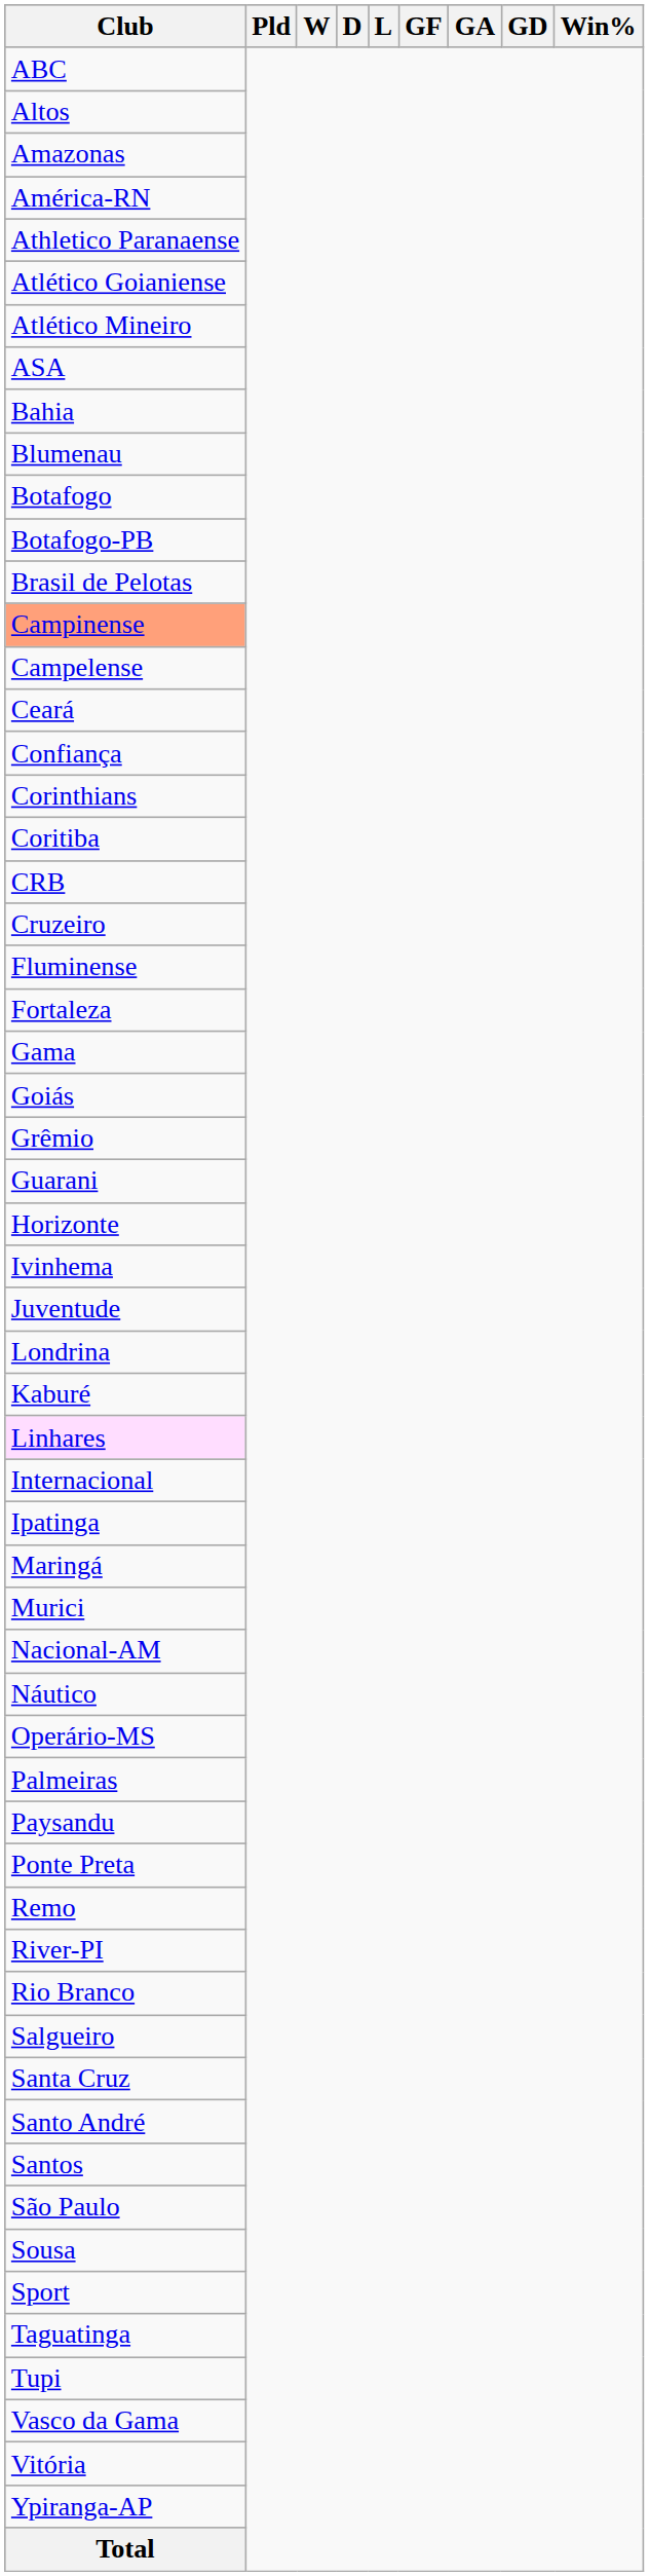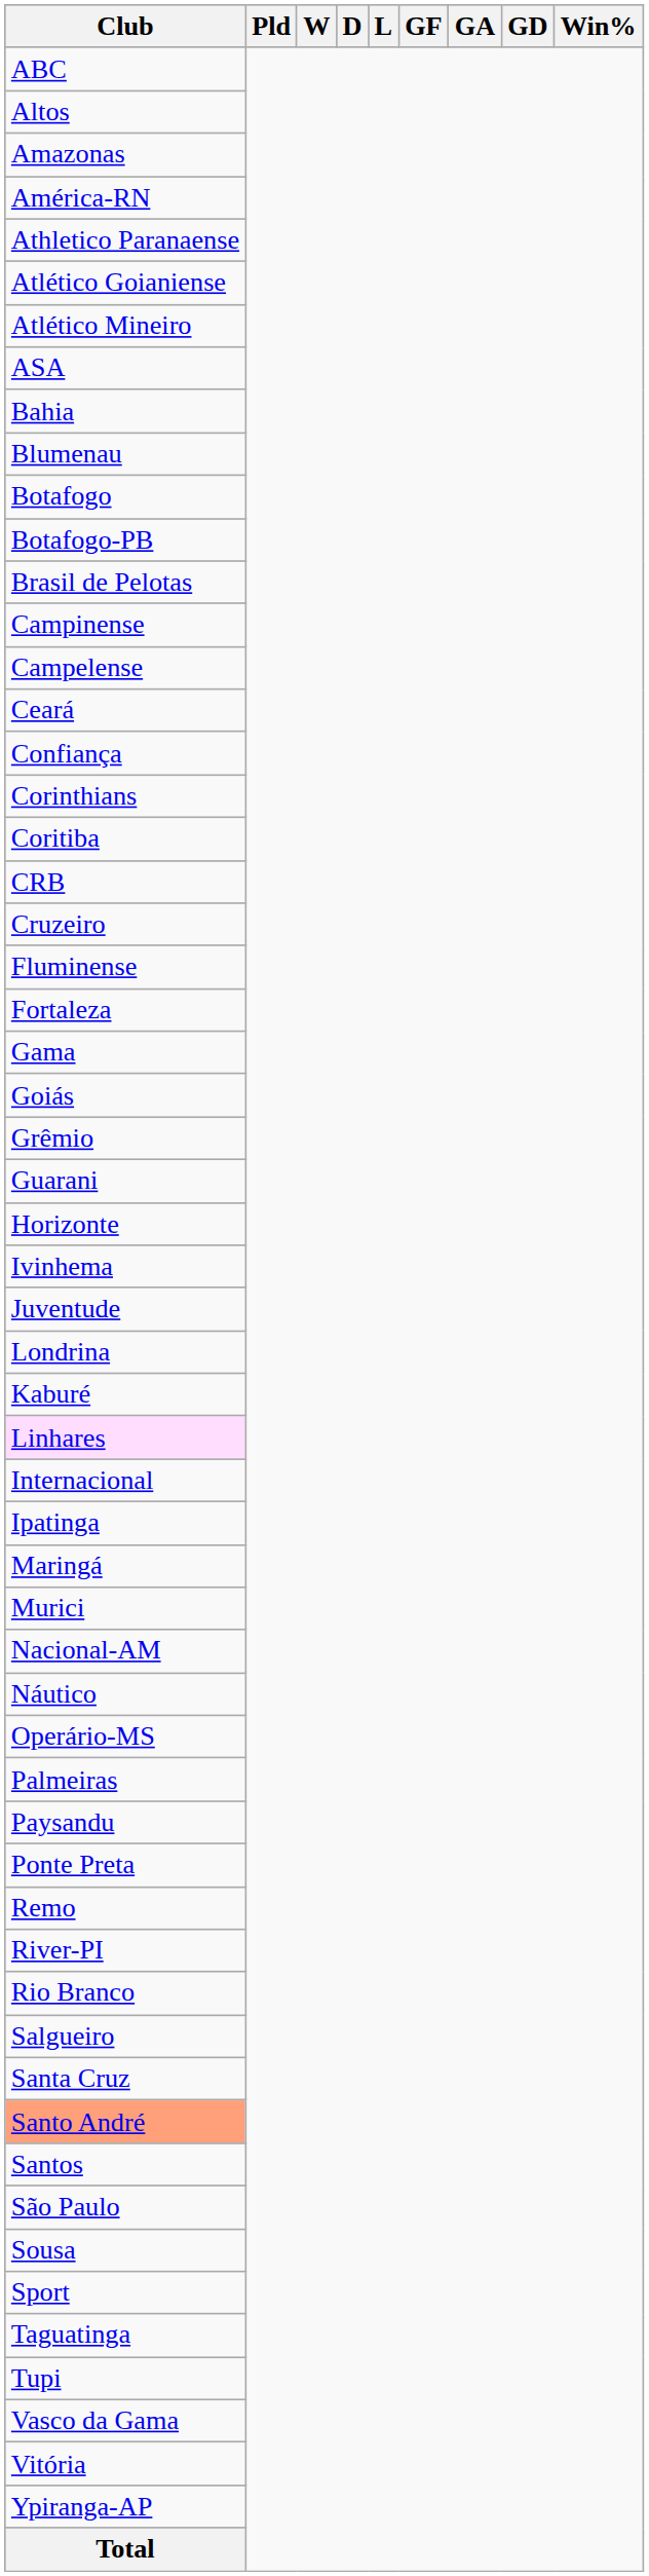 <table class="wikitable plainrowheaders sortable" style="text-align:center">
 <tr>
 <th scope="col">Club</th>
 <th scope="col">Pld</th>
 <th scope="col">W</th>
 <th scope="col">D</th>
 <th scope="col">L</th>
 <th scope="col">GF</th>
 <th scope="col">GA</th>
 <th scope="col">GD</th>
 <th scope="col">Win%</th>
 </tr>
 <tr>
 <td scope="row" align=left><a href='#'>ABC</a><br></td>
 </tr>
 <tr>
 <td scope="row" align=left><a href='#'>Altos</a><br></td>
 </tr>
 <tr>
 <td scope="row" align=left><a href='#'>Amazonas</a><br></td>
 </tr>
 <tr>
 <td scope="row" align=left><a href='#'>América-RN</a><br></td>
 </tr>
 <tr>
 <td scope="row" align=left><a href='#'>Athletico Paranaense</a><br></td>
 </tr>
 <tr>
 <td scope="row" align=left><a href='#'>Atlético Goianiense</a><br></td>
 </tr>
 <tr>
 <td scope="row" align=left><a href='#'>Atlético Mineiro</a><br></td>
 </tr>
 <tr>
 <td scope="row" align=left><a href='#'>ASA</a><br></td>
 </tr>
 <tr>
 <td scope="row" align=left><a href='#'>Bahia</a><br></td>
 </tr>
 <tr>
 <td scope="row" align=left><a href='#'>Blumenau</a><br></td>
 </tr>
 <tr>
 <td scope="row" align=left><a href='#'>Botafogo</a><br></td>
 </tr>
 <tr>
 <td scope="row" align=left><a href='#'>Botafogo-PB</a><br></td>
 </tr>
 <tr>
 <td scope="row" align=left><a href='#'>Brasil de Pelotas</a><br></td>
 </tr>
 <tr>
-<td scope="row" align=left style="background: lightsalmon;"><a href='#'>Campinense</a><br></td>
+<td scope="row" align=left><a href='#'>Campinense</a><br></td>
 </tr>
 <tr>
 <td scope="row" align=left><a href='#'>Campelense</a><br></td>
 </tr>
 <tr>
 <td scope="row" align=left><a href='#'>Ceará</a><br></td>
 </tr>
 <tr>
 <td scope="row" align=left><a href='#'>Confiança</a><br></td>
 </tr>
 <tr>
 <td scope="row" align=left><a href='#'>Corinthians</a><br></td>
 </tr>
 <tr>
 <td scope="row" align=left><a href='#'>Coritiba</a><br></td>
 </tr>
 <tr>
 <td scope="row" align=left><a href='#'>CRB</a><br></td>
 </tr>
 <tr>
 <td scope="row" align=left><a href='#'>Cruzeiro</a><br></td>
 </tr>
 <tr>
 <td scope="row" align=left><a href='#'>Fluminense</a><br></td>
 </tr>
 <tr>
 <td scope="row" align=left><a href='#'>Fortaleza</a><br></td>
 </tr>
 <tr>
 <td scope="row" align=left><a href='#'>Gama</a><br></td>
 </tr>
 <tr>
 <td scope="row" align=left><a href='#'>Goiás</a><br></td>
 </tr>
 <tr>
 <td scope="row" align=left><a href='#'>Grêmio</a><br></td>
 </tr>
 <tr>
 <td scope="row" align=left><a href='#'>Guarani</a><br></td>
 </tr>
 <tr>
 <td scope="row" align=left><a href='#'>Horizonte</a><br></td>
 </tr>
 <tr>
 <td scope="row" align=left><a href='#'>Ivinhema</a><br></td>
 </tr>
 <tr>
 <td scope="row" align=left><a href='#'>Juventude</a><br></td>
 </tr>
 <tr>
 <td scope="row" align=left><a href='#'>Londrina</a><br></td>
 </tr>
 <tr>
 <td scope="row" align=left><a href='#'>Kaburé</a><br></td>
 </tr>
 <tr>
 <td scope="row" align=left bgcolor="#FFDDFF"><a href='#'>Linhares</a><br></td>
 </tr>
 <tr>
 <td scope="row" align=left><a href='#'>Internacional</a><br></td>
 </tr>
 <tr>
 <td scope="row" align=left><a href='#'>Ipatinga</a><br></td>
 </tr>
 <tr>
 <td scope="row" align=left><a href='#'>Maringá</a><br></td>
 </tr>
 <tr>
 <td scope="row" align=left><a href='#'>Murici</a><br></td>
 </tr>
 <tr>
 <td scope="row" align=left><a href='#'>Nacional-AM</a><br></td>
 </tr>
 <tr>
 <td scope="row" align=left><a href='#'>Náutico</a><br></td>
 </tr>
 <tr>
 <td scope="row" align=left><a href='#'>Operário-MS</a><br></td>
 </tr>
 <tr>
 <td scope="row" align=left><a href='#'>Palmeiras</a><br></td>
 </tr>
 <tr>
 <td scope="row" align=left><a href='#'>Paysandu</a><br></td>
 </tr>
 <tr>
 <td scope="row" align=left><a href='#'>Ponte Preta</a><br></td>
 </tr>
 <tr>
 <td scope="row" align=left><a href='#'>Remo</a><br></td>
 </tr>
 <tr>
 <td scope="row" align=left><a href='#'>River-PI</a><br></td>
 </tr>
 <tr>
 <td scope="row" align=left><a href='#'>Rio Branco</a><br></td>
 </tr>
 <tr>
 <td scope="row" align=left><a href='#'>Salgueiro</a><br></td>
 </tr>
 <tr>
 <td scope="row" align=left><a href='#'>Santa Cruz</a><br></td>
 </tr>
 <tr>
-<td scope="row" align=left><a href='#'>Santo André</a><br></td>
+<td scope="row" align=left style="background: lightsalmon;"><a href='#'>Santo André</a><br></td>
 </tr>
 <tr>
 <td scope="row" align=left><a href='#'>Santos</a><br></td>
 </tr>
 <tr>
 <td scope="row" align=left><a href='#'>São Paulo</a><br></td>
 </tr>
 <tr>
 <td scope="row" align=left><a href='#'>Sousa</a><br></td>
 </tr>
 <tr>
 <td scope="row" align=left><a href='#'>Sport</a><br></td>
 </tr>
 <tr>
 <td scope="row" align=left><a href='#'>Taguatinga</a><br></td>
 </tr>
 <tr>
 <td scope="row" align=left><a href='#'>Tupi</a><br></td>
 </tr>
 <tr>
 <td scope="row" align=left><a href='#'>Vasco da Gama</a><br></td>
 </tr>
 <tr>
 <td scope="row" align=left><a href='#'>Vitória</a><br></td>
 </tr>
 <tr>
 <td scope="row" align=left><a href='#'>Ypiranga-AP</a><br></td>
 </tr>
 <tr>
 <th>Total<br></th>
 </tr>
 </table>
